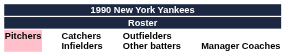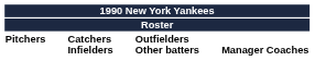 <table class="toccolours" style="font-size: 95%;">
 <tr>
 <th colspan="10" style="background-color: #1c2841; color: white; text-align: center;">1990 New York Yankees</th>
 </tr>
 <tr>
 <td colspan="10" style="background-color:#1c2841; color: white; text-align: center;"><strong>Roster</strong></td>
 </tr>
 <tr>
-<td valign="top" style="background: pink;"><strong>Pitchers</strong><br>                   </td>
+<td valign="top"><strong>Pitchers</strong><br>                   </td>
 <td width="25px"></td>
 <td valign="top"><strong>Catchers</strong><br>    <strong>Infielders</strong>          </td>
 <td width="25px"></td>
 <td valign="top"><strong>Outfielders</strong><br>        <strong>Other batters</strong> </td>
 <td width="25px"></td>
 <td valign="top"><br><strong>Manager</strong>   <strong>Coaches</strong>      </td>
 </tr>
 </table>
